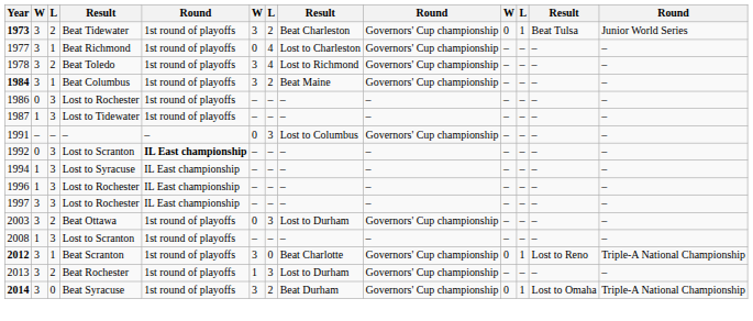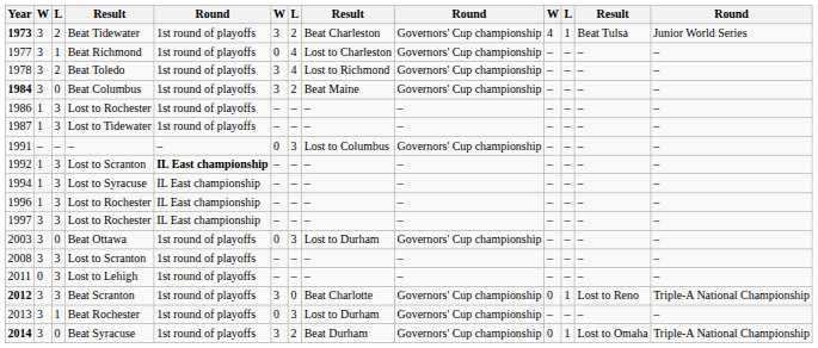 <table class="wikitable">
 <tr>
 <th>Year</th>
 <th>W</th>
 <th>L</th>
 <th>Result</th>
 <th>Round</th>
 <th>W</th>
 <th>L</th>
 <th>Result</th>
 <th>Round</th>
 <th>W</th>
 <th>L</th>
 <th>Result</th>
 <th>Round</th>
 </tr>
 <tr>
 <td><strong>1973</strong></td>
 <td>3</td>
 <td>2</td>
 <td>Beat Tidewater</td>
 <td>1st round of playoffs</td>
 <td>3</td>
 <td>2</td>
 <td>Beat Charleston</td>
 <td>Governors' Cup championship</td>
-<td>0</td>
+<td>4</td>
 <td>1</td>
 <td>Beat Tulsa</td>
 <td>Junior World Series</td>
 </tr>
 <tr>
 <td>1977</td>
 <td>3</td>
 <td>1</td>
 <td>Beat Richmond</td>
 <td>1st round of playoffs</td>
 <td>0</td>
 <td>4</td>
 <td>Lost to Charleston</td>
 <td>Governors' Cup championship</td>
 <td>–</td>
 <td>–</td>
 <td>–</td>
 <td>–</td>
 </tr>
 <tr>
 <td>1978</td>
 <td>3</td>
 <td>2</td>
 <td>Beat Toledo</td>
 <td>1st round of playoffs</td>
 <td>3</td>
 <td>4</td>
 <td>Lost to Richmond</td>
 <td>Governors' Cup championship</td>
 <td>–</td>
 <td>–</td>
 <td>–</td>
 <td>–</td>
 </tr>
 <tr>
 <td><strong>1984</strong></td>
 <td>3</td>
-<td>1</td>
+<td>0</td>
 <td>Beat Columbus</td>
 <td>1st round of playoffs</td>
 <td>3</td>
 <td>2</td>
 <td>Beat Maine</td>
 <td>Governors' Cup championship</td>
 <td>–</td>
 <td>–</td>
 <td>–</td>
 <td>–</td>
 </tr>
 <tr>
 <td>1986</td>
-<td>0</td>
+<td>1</td>
 <td>3</td>
 <td>Lost to Rochester</td>
 <td>1st round of playoffs</td>
 <td>–</td>
 <td>–</td>
 <td>–</td>
 <td>–</td>
 <td>–</td>
 <td>–</td>
 <td>–</td>
 <td>–</td>
 </tr>
 <tr>
 <td>1987</td>
 <td>1</td>
 <td>3</td>
 <td>Lost to Tidewater</td>
 <td>1st round of playoffs</td>
 <td>–</td>
 <td>–</td>
 <td>–</td>
 <td>–</td>
 <td>–</td>
 <td>–</td>
 <td>–</td>
 <td>–</td>
 </tr>
 <tr>
 <td>1991</td>
 <td>–</td>
 <td>–</td>
 <td>–</td>
 <td>–</td>
 <td>0</td>
 <td>3</td>
 <td>Lost to Columbus</td>
 <td>Governors' Cup championship</td>
 <td>–</td>
 <td>–</td>
 <td>–</td>
 <td>–</td>
 </tr>
 <tr>
 <td>1992</td>
-<td>0</td>
+<td>1</td>
 <td>3</td>
 <td>Lost to Scranton</td>
 <td><strong>IL East championship</strong></td>
 <td>–</td>
 <td>–</td>
 <td>–</td>
 <td>–</td>
 <td>–</td>
 <td>–</td>
 <td>–</td>
 <td>–</td>
 </tr>
 <tr>
 <td>1994</td>
 <td>1</td>
 <td>3</td>
 <td>Lost to Syracuse</td>
 <td>IL East championship</td>
 <td>–</td>
 <td>–</td>
 <td>–</td>
 <td>–</td>
 <td>–</td>
 <td>–</td>
 <td>–</td>
 <td>–</td>
 </tr>
 <tr>
 <td>1996</td>
 <td>1</td>
 <td>3</td>
 <td>Lost to Rochester</td>
 <td>IL East championship</td>
 <td>–</td>
 <td>–</td>
 <td>–</td>
 <td>–</td>
 <td>–</td>
 <td>–</td>
 <td>–</td>
 <td>–</td>
 </tr>
 <tr>
 <td>1997</td>
 <td>3</td>
 <td>3</td>
 <td>Lost to Rochester</td>
 <td>IL East championship</td>
 <td>–</td>
 <td>–</td>
 <td>–</td>
 <td>–</td>
 <td>–</td>
 <td>–</td>
 <td>–</td>
 <td>–</td>
 </tr>
 <tr>
 <td>2003</td>
 <td>3</td>
-<td>2</td>
+<td>0</td>
 <td>Beat Ottawa</td>
 <td>1st round of playoffs</td>
 <td>0</td>
 <td>3</td>
 <td>Lost to Durham</td>
 <td>Governors' Cup championship</td>
 <td>–</td>
 <td>–</td>
 <td>–</td>
 <td>–</td>
 </tr>
 <tr>
 <td>2008</td>
-<td>1</td>
+<td>3</td>
 <td>3</td>
 <td>Lost to Scranton</td>
 <td>1st round of playoffs</td>
 <td>–</td>
 <td>–</td>
 <td>–</td>
 <td>–</td>
 <td>–</td>
 <td>–</td>
 <td>–</td>
 <td>–</td>
 </tr>
 <tr>
+<td>2011</td>
+<td>0</td>
+<td>3</td>
+<td>Lost to Lehigh</td>
+<td>1st round of playoffs</td>
+<td>–</td>
+<td>–</td>
+<td>–</td>
+<td>–</td>
+<td>–</td>
+<td>–</td>
+<td>–</td>
+<td>–</td>
+</tr>
+<tr>
 <td><strong>2012</strong></td>
 <td>3</td>
-<td>1</td>
+<td>3</td>
 <td>Beat Scranton</td>
 <td>1st round of playoffs</td>
 <td>3</td>
 <td>0</td>
 <td>Beat Charlotte</td>
 <td>Governors' Cup championship</td>
 <td>0</td>
 <td>1</td>
 <td>Lost to Reno</td>
 <td>Triple-A National Championship</td>
 </tr>
 <tr>
 <td>2013</td>
 <td>3</td>
-<td>2</td>
+<td>1</td>
 <td>Beat Rochester</td>
 <td>1st round of playoffs</td>
-<td>1</td>
+<td>0</td>
 <td>3</td>
 <td>Lost to Durham</td>
 <td>Governors' Cup championship</td>
 <td>–</td>
 <td>–</td>
 <td>–</td>
 <td>–</td>
 </tr>
 <tr>
 <td><strong>2014</strong></td>
 <td>3</td>
 <td>0</td>
 <td>Beat Syracuse</td>
 <td>1st round of playoffs</td>
 <td>3</td>
 <td>2</td>
 <td>Beat Durham</td>
 <td>Governors' Cup championship</td>
 <td>0</td>
 <td>1</td>
 <td>Lost to Omaha</td>
 <td>Triple-A National Championship</td>
 </tr>
 </table>
